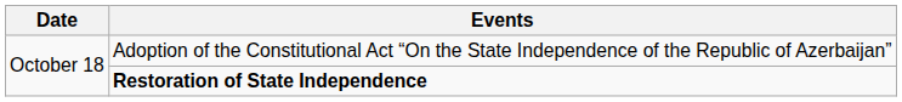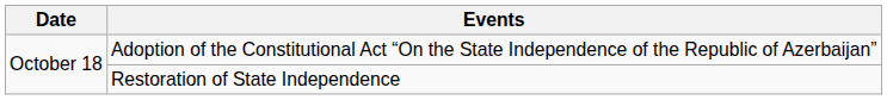 <table class="wikitable">
 <tr>
 <th>Date</th>
 <th>Events</th>
 </tr>
 <tr>
 <td rowspan="2">October 18</td>
 <td>Adoption of the Constitutional Act “On the State Independence of the Republic of Azerbaijan” </td>
 </tr>
 <tr>
-<td><strong>Restoration of State Independence </strong></td>
+<td>Restoration of State Independence </td>
 </tr>
 </table>
